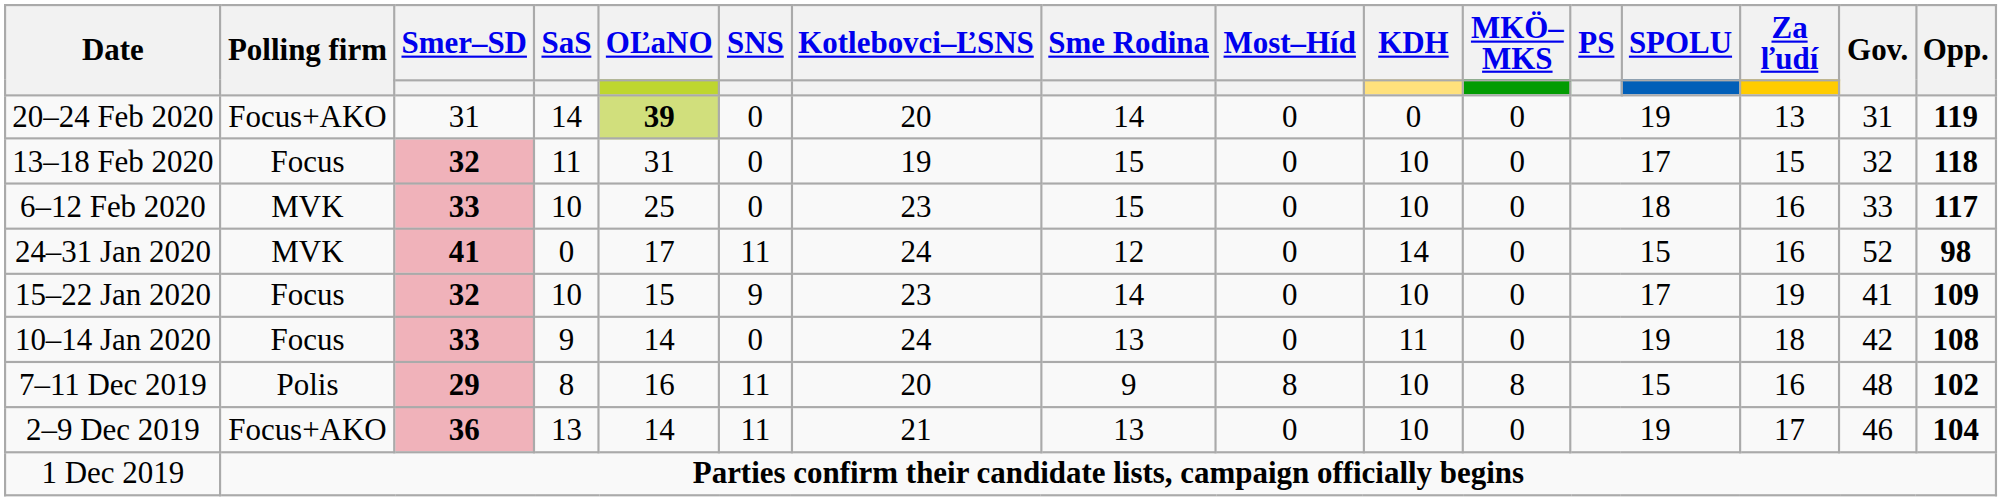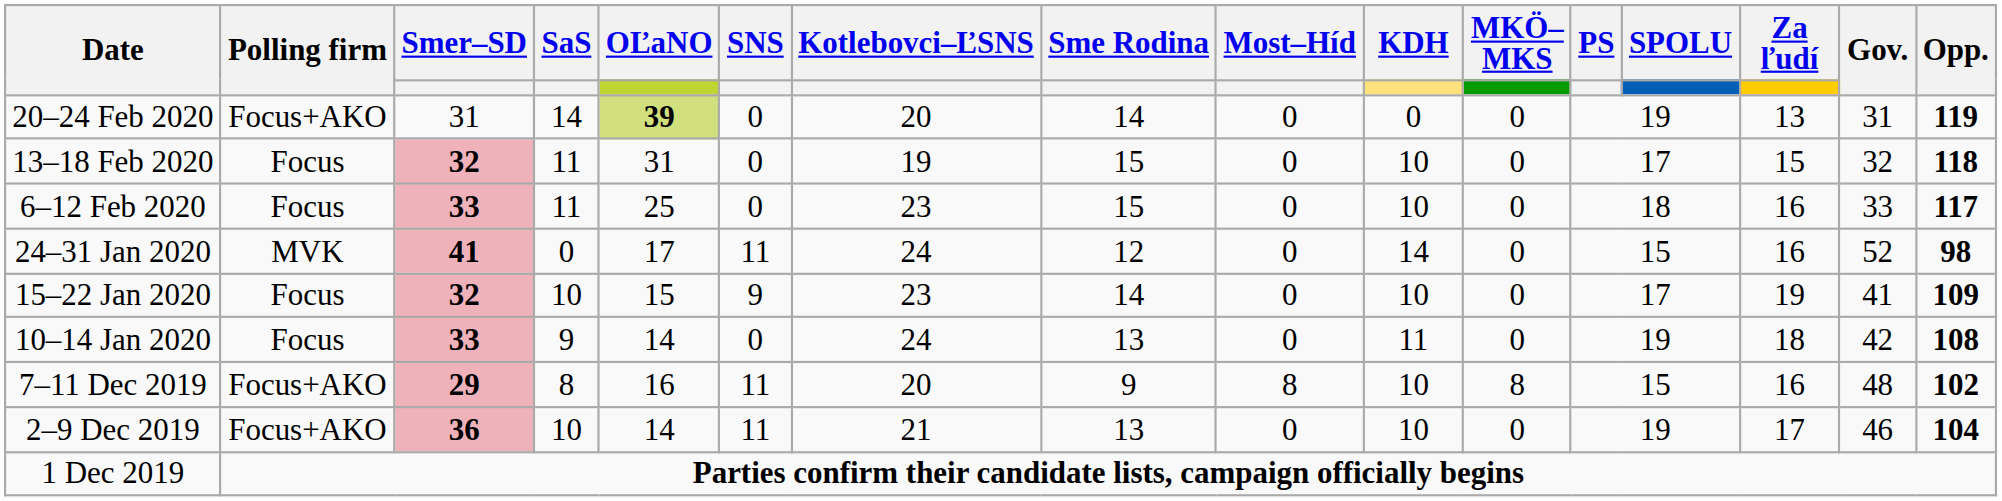 <table class="wikitable sortable mw-datatable" style="text-align:center;font-size:90%;line-height:14px;">
 <tr>
 <th rowspan=2>Date</th>
 <th rowspan=2>Polling firm</th>
 <th class="unsortable"><a href='#'><span>Smer–SD</span></a></th>
 <th class="unsortable"><a href='#'><span>SaS</span></a></th>
 <th class="unsortable"><a href='#'><span>OĽaNO</span></a></th>
 <th class="unsortable"><a href='#'><span>SNS</span></a></th>
 <th class="unsortable"><a href='#'><span>Kotlebovci–ĽSNS</span></a></th>
 <th class="unsortable"><a href='#'><span>Sme Rodina</span></a></th>
 <th class="unsortable"><a href='#'><span>Most–Híd</span></a></th>
 <th class="unsortable"><a href='#'><span>KDH</span></a></th>
 <th class="unsortable"><a href='#'>MKÖ–MKS</a></th>
 <th class="unsortable"><a href='#'><span>PS</span></a></th>
 <th class="unsortable"><a href='#'><span>SPOLU</span></a></th>
 <th class="unsortable"><span><a href='#'>Za ľudí</a></span></th>
 <th class="unsortable" style="width:15px;" rowspan="2">Gov.</th>
 <th class="unsortable" style="width:15px;" rowspan="2">Opp.</th>
 </tr>
 <tr>
 <th style="background:"></th>
 <th style="background:"></th>
 <th style="background:#BED62F; width:40px;"></th>
 <th style="background:"></th>
 <th style="background:"></th>
 <th style="background:"></th>
 <th style="background:"></th>
 <th style="background:#FFE17C; width:40px;"></th>
 <th style="background:#029C02; width:40px;"></th>
 <th style="background:"></th>
 <th style="background:#015FB8; width:40px;"></th>
 <th style="background:#FFCC00; width:40px;"></th>
 </tr>
 <tr>
 <td>20–24 Feb 2020</td>
 <td>Focus+AKO</td>
 <td>31</td>
 <td>14</td>
 <td style="background:#D1DF7C"><strong>39</strong></td>
 <td>0</td>
 <td>20</td>
 <td>14</td>
 <td>0</td>
 <td>0</td>
 <td>0</td>
 <td colspan="2">19</td>
 <td>13</td>
 <td>31</td>
 <td><strong>119</strong></td>
 </tr>
 <tr>
 <td>13–18 Feb 2020</td>
 <td>Focus</td>
 <td style="background:#F0B2BA"><strong>32</strong></td>
 <td>11</td>
 <td>31</td>
 <td>0</td>
 <td>19</td>
 <td>15</td>
 <td>0</td>
 <td>10</td>
 <td>0</td>
 <td colspan="2">17</td>
 <td>15</td>
 <td>32</td>
 <td><strong>118</strong></td>
 </tr>
 <tr>
 <td>6–12 Feb 2020</td>
-<td>MVK</td>
+<td>Focus</td>
 <td style="background:#F0B2BA"><strong>33</strong></td>
-<td>10</td>
+<td>11</td>
 <td>25</td>
 <td>0</td>
 <td>23</td>
 <td>15</td>
 <td>0</td>
 <td>10</td>
 <td>0</td>
 <td colspan="2">18</td>
 <td>16</td>
 <td>33</td>
 <td><strong>117</strong></td>
 </tr>
 <tr>
 <td>24–31 Jan 2020</td>
 <td>MVK</td>
 <td style="background:#F0B2BA"><strong>41</strong></td>
 <td>0</td>
 <td>17</td>
 <td>11</td>
 <td>24</td>
 <td>12</td>
 <td>0</td>
 <td>14</td>
 <td>0</td>
 <td colspan="2">15</td>
 <td>16</td>
 <td>52</td>
 <td><strong>98</strong></td>
 </tr>
 <tr>
 <td>15–22 Jan 2020</td>
 <td>Focus</td>
 <td style="background:#F0B2BA"><strong>32</strong></td>
 <td>10</td>
 <td>15</td>
 <td>9</td>
 <td>23</td>
 <td>14</td>
 <td>0</td>
 <td>10</td>
 <td>0</td>
 <td colspan="2">17</td>
 <td>19</td>
 <td>41</td>
 <td><strong>109</strong></td>
 </tr>
 <tr>
 <td>10–14 Jan 2020</td>
 <td>Focus</td>
 <td style="background:#F0B2BA"><strong>33</strong></td>
 <td>9</td>
 <td>14</td>
 <td>0</td>
 <td>24</td>
 <td>13</td>
 <td>0</td>
 <td>11</td>
 <td>0</td>
 <td colspan="2">19</td>
 <td>18</td>
 <td>42</td>
 <td><strong>108</strong></td>
 </tr>
 <tr>
 <td>7–11 Dec 2019</td>
-<td>Polis</td>
+<td>Focus+AKO</td>
 <td style="background:#F0B2BA"><strong>29</strong></td>
 <td>8</td>
 <td>16</td>
 <td>11</td>
 <td>20</td>
 <td>9</td>
 <td>8</td>
 <td>10</td>
 <td>8</td>
 <td colspan="2">15</td>
 <td>16</td>
 <td>48</td>
 <td><strong>102</strong></td>
 </tr>
 <tr>
 <td data-sort-value="2019-11-26">2–9 Dec 2019</td>
 <td>Focus+AKO</td>
 <td style="background:#F0B2BA"><strong>36</strong></td>
-<td>13</td>
+<td>10</td>
 <td>14</td>
 <td>11</td>
 <td>21</td>
 <td>13</td>
 <td>0</td>
 <td>10</td>
 <td>0</td>
 <td colspan="2">19</td>
 <td>17</td>
 <td>46</td>
 <td><strong>104</strong></td>
 </tr>
 <tr>
 <td data-sort-value="2019-12-1">1 Dec 2019</td>
 <td colspan="15"><strong>Parties confirm their candidate lists, campaign officially begins</strong></td>
 </tr>
 </table>
